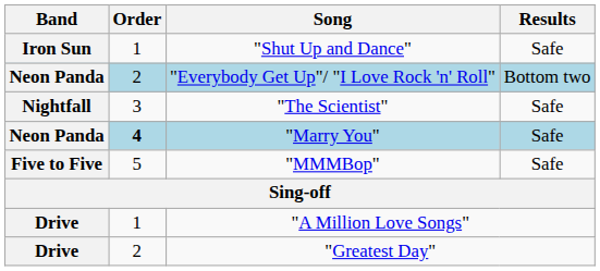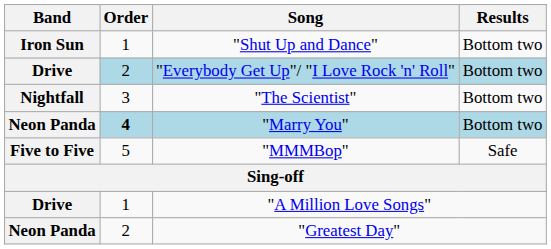 <table class="wikitable plainrowheaders" style="text-align:center;">
 <tr>
 <th scope="col">Band</th>
 <th scope="col">Order</th>
 <th scope="col">Song</th>
 <th scope="col">Results</th>
 </tr>
 <tr>
 <th scope="row">Iron Sun</th>
 <td>1</td>
 <td>"<a href='#'>Shut Up and Dance</a>"</td>
-<td>Safe</td>
+<td>Bottom two</td>
 </tr>
 <tr style="background:lightblue">
-<th scope="row">Neon Panda</th>
+<th scope="row">Drive</th>
 <td>2</td>
 <td>"<a href='#'>Everybody Get Up</a>"/ "<a href='#'>I Love Rock 'n' Roll</a>"</td>
 <td>Bottom two</td>
 </tr>
 <tr>
 <th scope="row">Nightfall</th>
 <td>3</td>
 <td>"<a href='#'>The Scientist</a>"</td>
-<td>Safe</td>
+<td>Bottom two</td>
 </tr>
 <tr style="background:lightblue">
 <th scope="row">Neon Panda</th>
 <td><strong>4</strong></td>
 <td>"<a href='#'>Marry You</a>"</td>
-<td>Safe</td>
+<td>Bottom two</td>
 </tr>
 <tr>
 <th scope="row">Five to Five</th>
 <td>5</td>
 <td>"<a href='#'>MMMBop</a>"</td>
 <td>Safe</td>
 </tr>
 <tr>
 <th colspan="4">Sing-off</th>
 </tr>
 <tr>
 <th scope="row">Drive</th>
 <td>1</td>
 <td colspan="2">"<a href='#'>A Million Love Songs</a>"</td>
 </tr>
 <tr>
-<th scope="row">Drive</th>
+<th scope="row">Neon Panda</th>
 <td>2</td>
 <td colspan="2">"<a href='#'>Greatest Day</a>"</td>
 </tr>
 </table>
